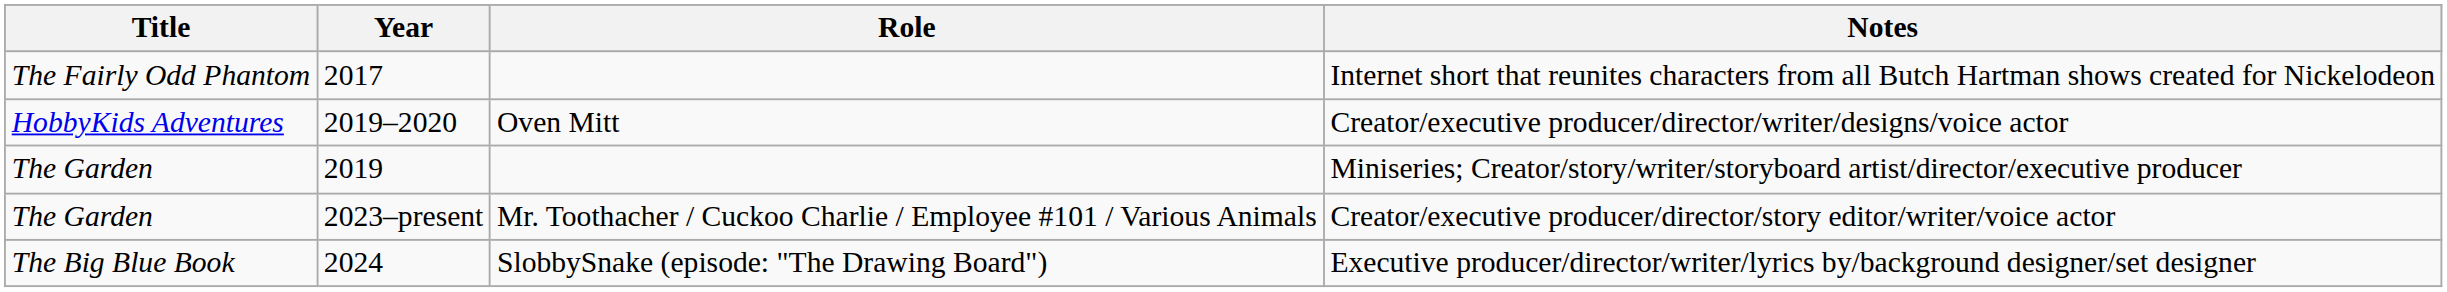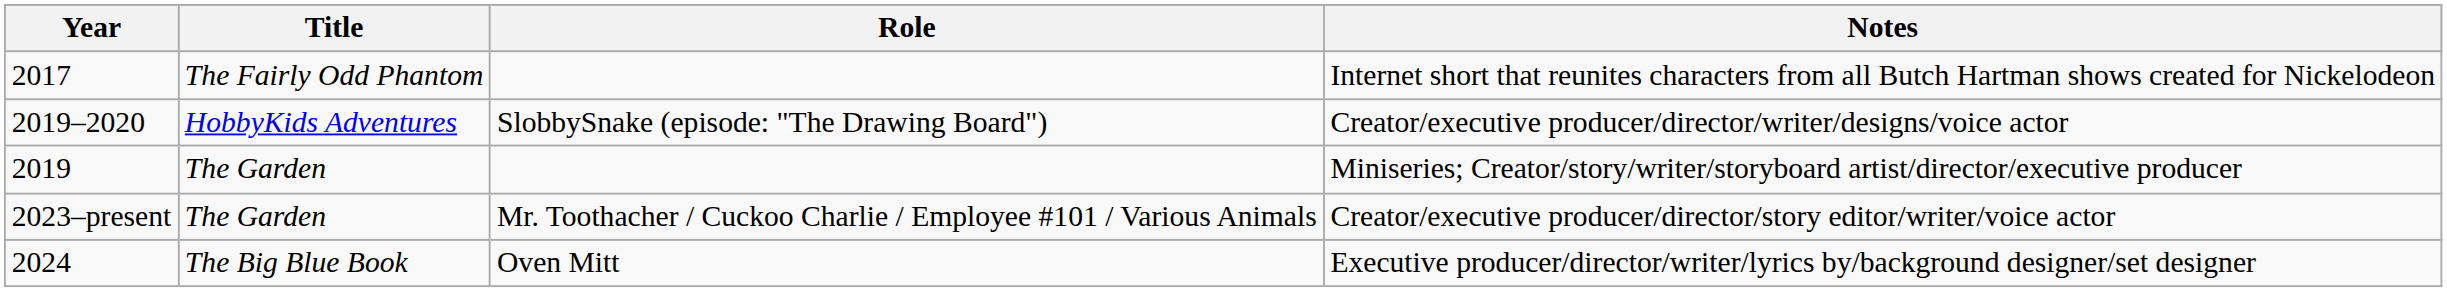 <table class="wikitable">
 <tr style="background:#b0c4de; text-align:center;">
+<th>Year</th>
 <th>Title</th>
-<th>Year</th>
 <th>Role</th>
 <th>Notes</th>
 </tr>
 <tr>
+<td>2017</td>
 <td><em>The Fairly Odd Phantom</em></td>
-<td>2017</td>
 <td></td>
 <td>Internet short that reunites characters from all Butch Hartman shows created for Nickelodeon</td>
 </tr>
 <tr>
+<td>2019–2020</td>
 <td><em><a href='#'>HobbyKids Adventures</a></em></td>
-<td>2019–2020</td>
-<td>Oven Mitt</td>
+<td>SlobbySnake (episode: "The Drawing Board")</td>
 <td>Creator/executive producer/director/writer/designs/voice actor</td>
 </tr>
 <tr>
+<td>2019</td>
 <td><em>The Garden</em></td>
-<td>2019</td>
 <td></td>
 <td>Miniseries; Creator/story/writer/storyboard artist/director/executive producer</td>
 </tr>
 <tr>
+<td>2023–present</td>
 <td><em>The Garden</em></td>
-<td>2023–present</td>
 <td>Mr. Toothacher / Cuckoo Charlie / Employee #101 / Various Animals</td>
 <td>Creator/executive producer/director/story editor/writer/voice actor</td>
 </tr>
 <tr>
+<td>2024</td>
 <td><em>The Big Blue Book</em></td>
-<td>2024</td>
-<td>SlobbySnake (episode: "The Drawing Board")</td>
+<td>Oven Mitt</td>
 <td>Executive producer/director/writer/lyrics by/background designer/set designer</td>
 </tr>
 </table>
